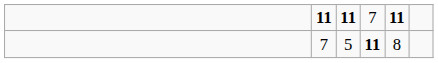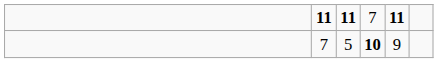 <table class="wikitable">
 <tr>
 <td style="width:18em"><strong></strong></td>
 <td align=center style="width:1em"><strong>11</strong></td>
 <td align=center style="width:1em"><strong>11</strong></td>
 <td align=center style="width:1em">7</td>
 <td align=center style="width:1em"><strong>11</strong></td>
 <td align=center style="width:1em"></td>
 </tr>
 <tr>
 <td style="width:18em"></td>
 <td align=center style="width:1em">7</td>
 <td align=center style="width:1em">5</td>
-<td align=center style="width:1em"><strong>11</strong></td>
-<td align=center style="width:1em">8</td>
+<td align=center style="width:1em"><strong>10</strong></td>
+<td align=center style="width:1em">9</td>
 <td align=center style="width:1em"></td>
 </tr>
 </table>
